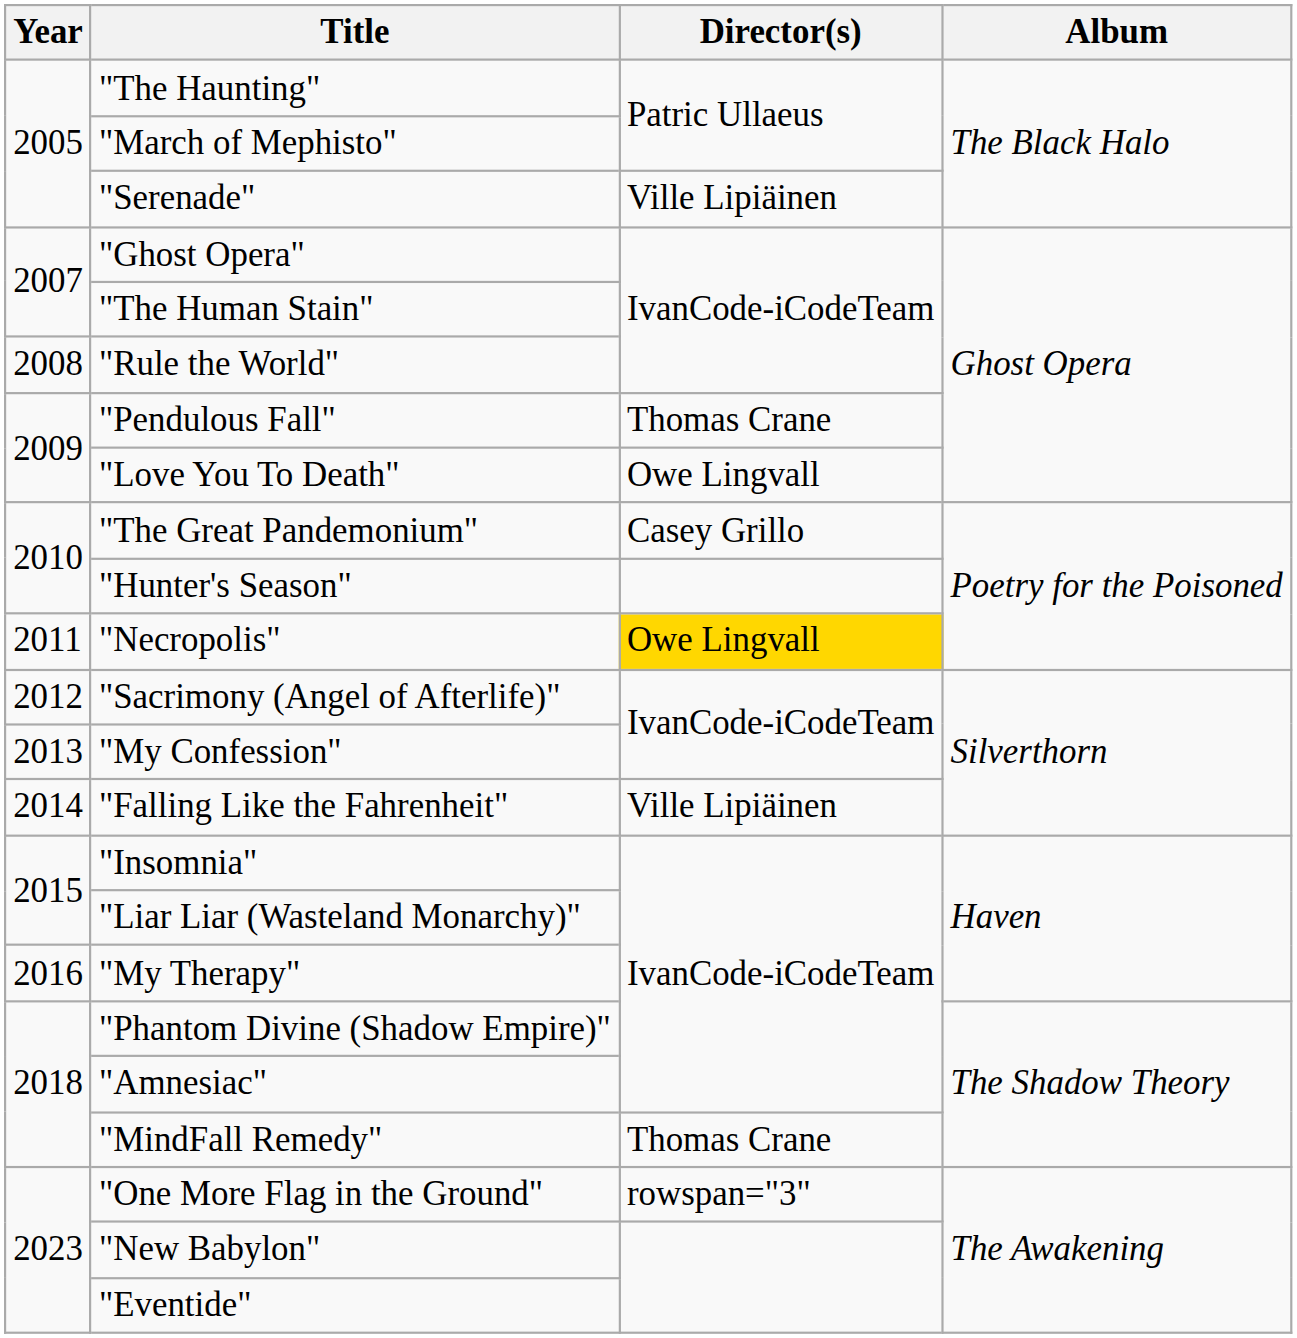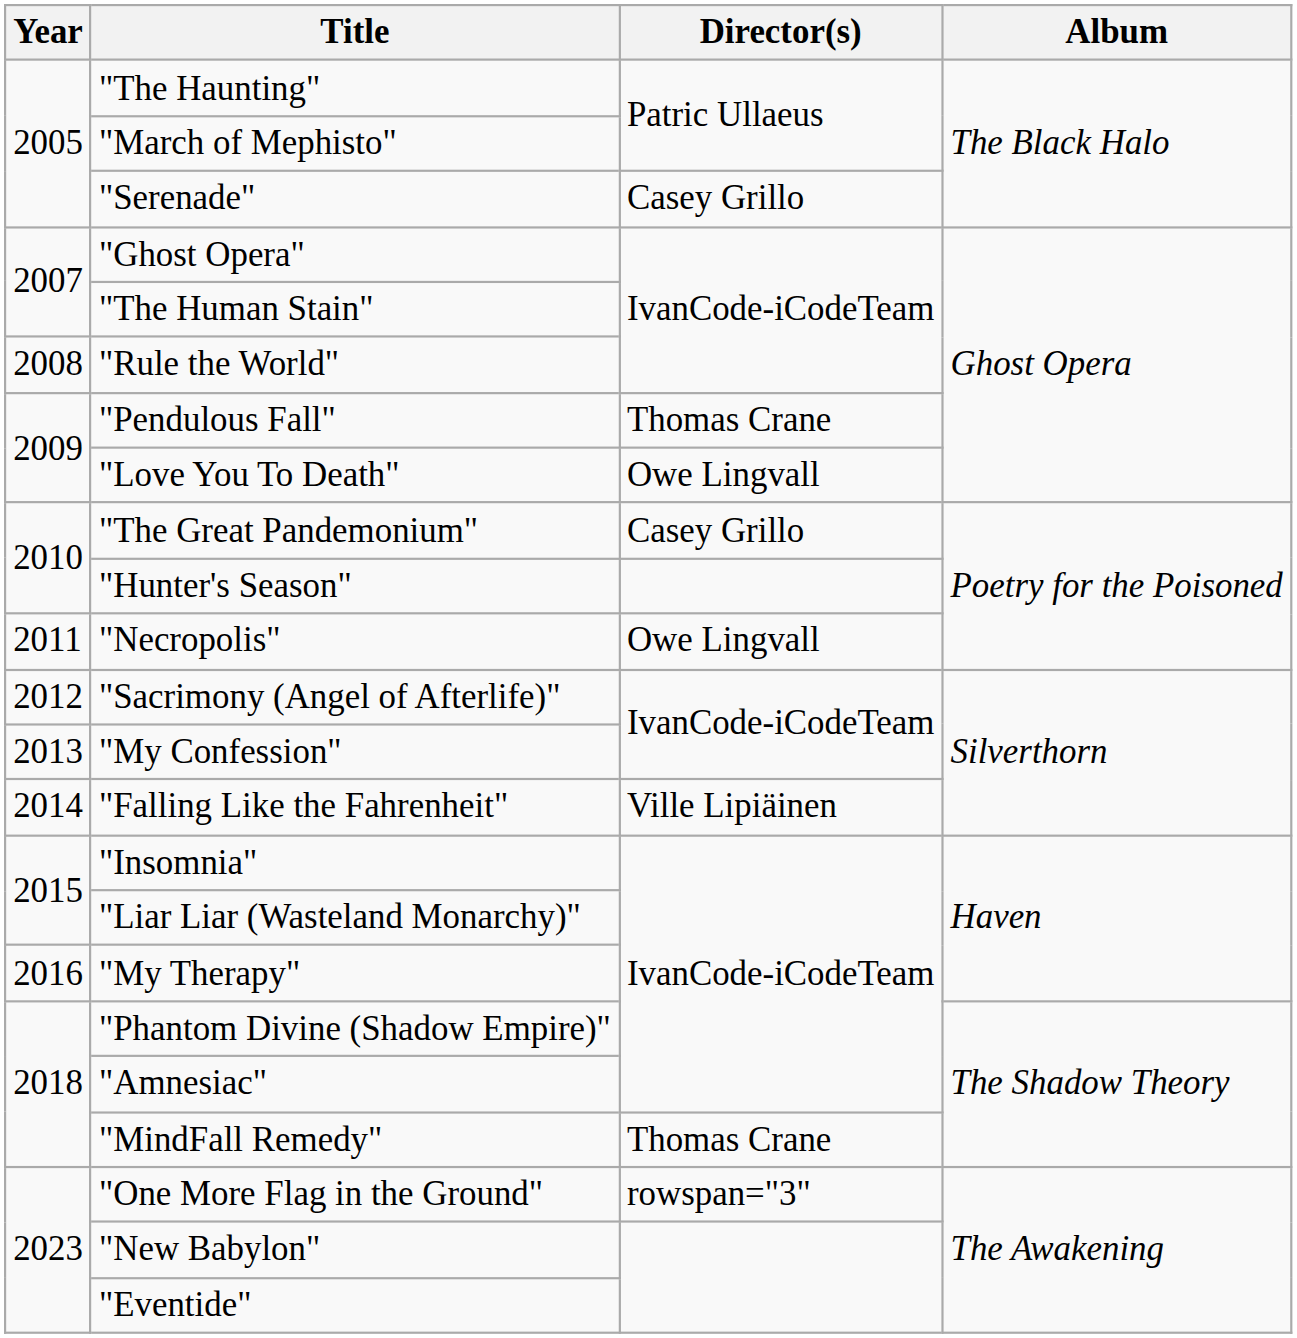 <table class="wikitable">
 <tr>
 <th>Year</th>
 <th>Title</th>
 <th>Director(s)</th>
 <th>Album</th>
 </tr>
 <tr>
 <td rowspan="3">2005</td>
 <td>"The Haunting"</td>
 <td rowspan="2">Patric Ullaeus</td>
 <td rowspan="3"><em>The Black Halo</em></td>
 </tr>
 <tr>
 <td>"March of Mephisto"</td>
 </tr>
 <tr>
 <td>"Serenade"</td>
-<td>Ville Lipiäinen</td>
+<td>Casey Grillo</td>
 </tr>
 <tr>
 <td rowspan="2">2007</td>
 <td>"Ghost Opera"</td>
 <td rowspan="3">IvanCode-iCodeTeam</td>
 <td rowspan="5"><em>Ghost Opera</em></td>
 </tr>
 <tr>
 <td>"The Human Stain"</td>
 </tr>
 <tr>
 <td>2008</td>
 <td>"Rule the World"</td>
 </tr>
 <tr>
 <td rowspan="2">2009</td>
 <td>"Pendulous Fall"</td>
 <td>Thomas Crane</td>
 </tr>
 <tr>
 <td>"Love You To Death"</td>
 <td>Owe Lingvall</td>
 </tr>
 <tr>
 <td rowspan="2">2010</td>
 <td>"The Great Pandemonium"</td>
 <td>Casey Grillo</td>
 <td rowspan="3"><em>Poetry for the Poisoned</em></td>
 </tr>
 <tr>
 <td>"Hunter's Season"</td>
 <td></td>
 </tr>
 <tr>
 <td>2011</td>
 <td>"Necropolis"</td>
-<td style="background: gold;">Owe Lingvall</td>
+<td>Owe Lingvall</td>
 </tr>
 <tr>
 <td>2012</td>
 <td>"Sacrimony (Angel of Afterlife)"</td>
 <td rowspan="2">IvanCode-iCodeTeam</td>
 <td rowspan="3"><em>Silverthorn</em></td>
 </tr>
 <tr>
 <td>2013</td>
 <td>"My Confession"</td>
 </tr>
 <tr>
 <td>2014</td>
 <td>"Falling Like the Fahrenheit"</td>
 <td>Ville Lipiäinen</td>
 </tr>
 <tr>
 <td rowspan="2">2015</td>
 <td>"Insomnia"</td>
 <td rowspan="5">IvanCode-iCodeTeam</td>
 <td rowspan="3"><em>Haven</em></td>
 </tr>
 <tr>
 <td>"Liar Liar (Wasteland Monarchy)"</td>
 </tr>
 <tr>
 <td>2016</td>
 <td>"My Therapy"</td>
 </tr>
 <tr>
 <td rowspan="3">2018</td>
 <td>"Phantom Divine (Shadow Empire)"</td>
 <td rowspan="3"><em>The Shadow Theory</em></td>
 </tr>
 <tr>
 <td>"Amnesiac"</td>
 </tr>
 <tr>
 <td>"MindFall Remedy"</td>
 <td>Thomas Crane</td>
 </tr>
 <tr>
 <td rowspan="3">2023</td>
 <td>"One More Flag in the Ground"</td>
 <td>rowspan="3" </td>
 <td rowspan="3"><em>The Awakening</em></td>
 </tr>
 <tr>
 <td>"New Babylon"</td>
 </tr>
 <tr>
 <td>"Eventide"</td>
 </tr>
 </table>
